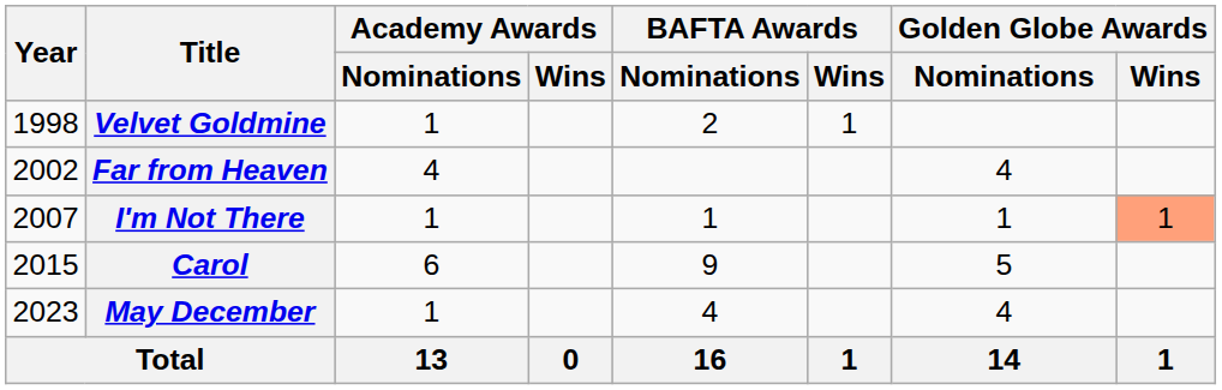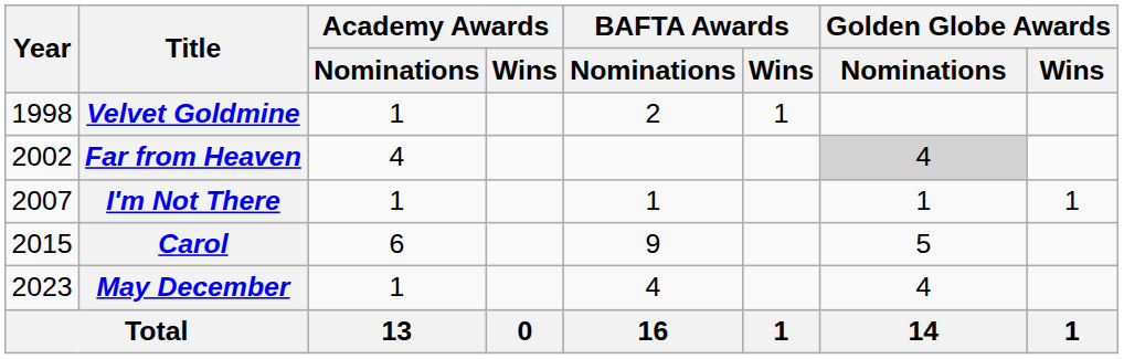 <table class="wikitable plainrowheaders">
 <tr>
 <th scope="col" rowspan="2">Year</th>
 <th scope="col" rowspan="2">Title</th>
 <th scope="colgroup" colspan="2" style="text-align:center;">Academy Awards</th>
 <th scope="colgroup" colspan="2" style="text-align:center;">BAFTA Awards</th>
 <th scope="colgroup" colspan="2" style="text-align:center;">Golden Globe Awards</th>
 </tr>
 <tr>
 <th scope="col">Nominations</th>
 <th scope="col">Wins</th>
 <th scope="col">Nominations</th>
 <th scope="col">Wins</th>
 <th scope="col">Nominations</th>
 <th scope="col">Wins</th>
 </tr>
 <tr>
 <td>1998</td>
 <th scope="row"><em><a href='#'>Velvet Goldmine</a></em></th>
 <td align=center>1</td>
 <td></td>
 <td align=center>2</td>
 <td align=center>1</td>
 <td></td>
 <td></td>
 </tr>
 <tr>
 <td>2002</td>
 <th scope="row"><em><a href='#'>Far from Heaven</a></em></th>
 <td align=center>4</td>
 <td></td>
 <td></td>
 <td></td>
-<td align=center>4</td>
+<td align=center style="background: lightgrey;">4</td>
 <td></td>
 </tr>
 <tr>
 <td>2007</td>
 <th scope="row"><em><a href='#'>I'm Not There</a></em></th>
 <td align=center>1</td>
 <td></td>
 <td align=center>1</td>
 <td></td>
 <td align=center>1</td>
-<td align=center style="background: lightsalmon;">1</td>
+<td align=center>1</td>
 </tr>
 <tr>
 <td>2015</td>
 <th scope="row"><em><a href='#'>Carol</a></em></th>
 <td align=center>6</td>
 <td></td>
 <td align=center>9</td>
 <td></td>
 <td align=center>5</td>
 <td></td>
 </tr>
 <tr>
 <td>2023</td>
 <th scope="row"><em><a href='#'>May December</a></em></th>
 <td align=center>1</td>
 <td></td>
 <td align=center>4</td>
 <td></td>
 <td align=center>4</td>
 <td></td>
 </tr>
 <tr>
 <th scope="colgroup" colspan="2">Total</th>
 <th align=center>13</th>
 <th align=center>0</th>
 <th align=center>16</th>
 <th align=center>1</th>
 <th align=center>14</th>
 <th align=center>1</th>
 </tr>
 </table>
